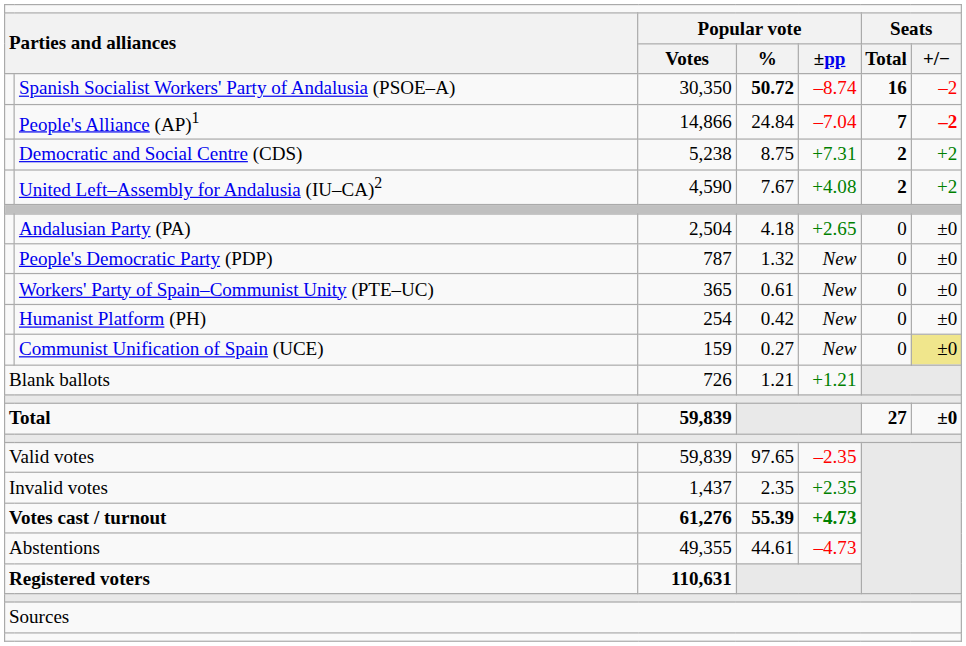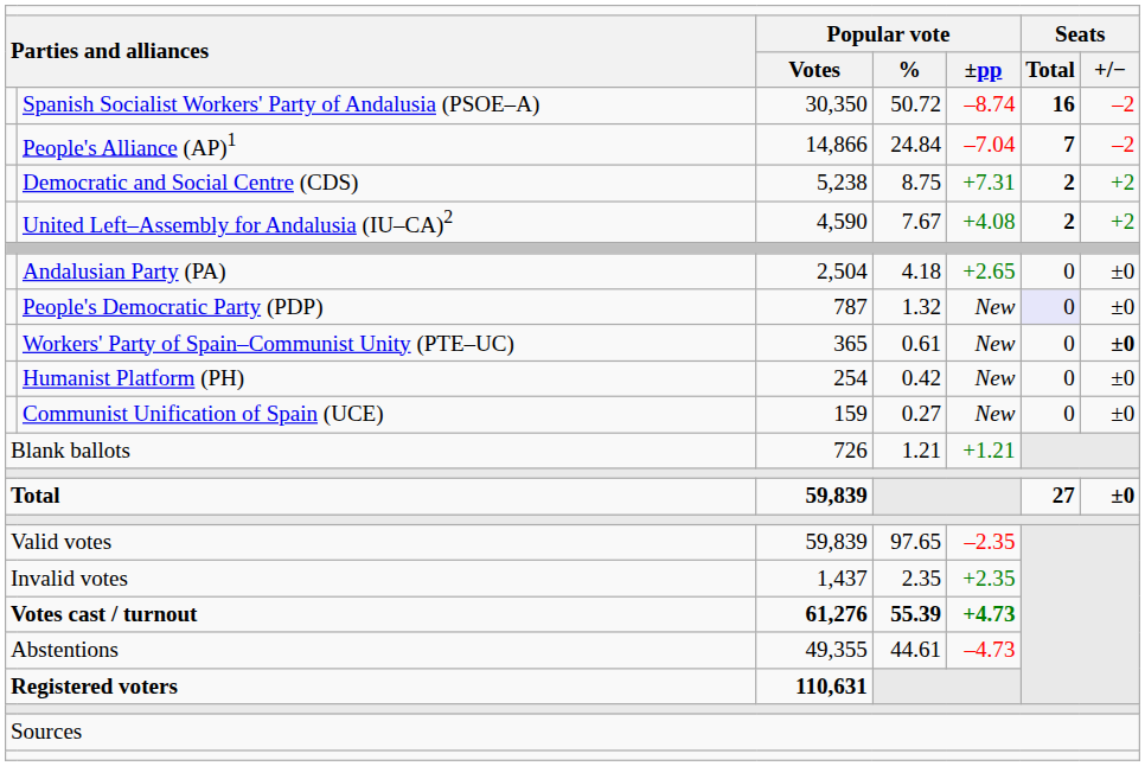 <table class="wikitable" style="text-align:right;">
 <tr>
 <td colspan="7"></td>
 </tr>
 <tr>
 <th style="text-align:left;" rowspan="2" colspan="2" width="525">Parties and alliances</th>
 <th colspan="3">Popular vote</th>
 <th colspan="2">Seats</th>
 </tr>
 <tr>
 <th width="75">Votes</th>
 <th width="45">%</th>
 <th width="45">±<a href='#'>pp</a></th>
 <th width="35">Total</th>
 <th width="35">+/−</th>
 </tr>
 <tr>
 <td width="1" style="color:inherit;background:"></td>
 <td align="left"><a href='#'>Spanish Socialist Workers' Party of Andalusia</a> (PSOE–A)</td>
 <td>30,350</td>
-<td><strong>50.72</strong></td>
+<td>50.72</td>
 <td style="color:red;">–8.74</td>
 <td><strong>16</strong></td>
 <td style="color:red;">–2</td>
 </tr>
 <tr>
 <td style="color:inherit;background:"></td>
 <td align="left"><a href='#'>People's Alliance</a> (AP)<sup>1</sup></td>
 <td>14,866</td>
 <td>24.84</td>
 <td style="color:red;">–7.04</td>
 <td><strong>7</strong></td>
-<td style="color:red;"><strong>–2</strong></td>
+<td style="color:red;">–2</td>
 </tr>
 <tr>
 <td style="color:inherit;background:"></td>
 <td align="left"><a href='#'>Democratic and Social Centre</a> (CDS)</td>
 <td>5,238</td>
 <td>8.75</td>
 <td style="color:green;">+7.31</td>
 <td><strong>2</strong></td>
 <td style="color:green;">+2</td>
 </tr>
 <tr>
 <td style="color:inherit;background:"></td>
 <td align="left"><a href='#'>United Left–Assembly for Andalusia</a> (IU–CA)<sup>2</sup></td>
 <td>4,590</td>
 <td>7.67</td>
 <td style="color:green;">+4.08</td>
 <td><strong>2</strong></td>
 <td style="color:green;">+2</td>
 </tr>
 <tr>
 <td colspan="7" bgcolor="#C0C0C0"></td>
 </tr>
 <tr>
 <td style="color:inherit;background:"></td>
 <td align="left"><a href='#'>Andalusian Party</a> (PA)</td>
 <td>2,504</td>
 <td>4.18</td>
 <td style="color:green;">+2.65</td>
 <td>0</td>
 <td>±0</td>
 </tr>
 <tr>
 <td style="color:inherit;background:"></td>
 <td align="left"><a href='#'>People's Democratic Party</a> (PDP)</td>
 <td>787</td>
 <td>1.32</td>
 <td><em>New</em></td>
-<td>0</td>
+<td style="background: lavender;">0</td>
 <td>±0</td>
 </tr>
 <tr>
 <td style="color:inherit;background:"></td>
 <td align="left"><a href='#'>Workers' Party of Spain–Communist Unity</a> (PTE–UC)</td>
 <td>365</td>
 <td>0.61</td>
 <td><em>New</em></td>
 <td>0</td>
-<td>±0</td>
+<td><strong>±0</strong></td>
 </tr>
 <tr>
 <td style="color:inherit;background:"></td>
 <td align="left"><a href='#'>Humanist Platform</a> (PH)</td>
 <td>254</td>
 <td>0.42</td>
 <td><em>New</em></td>
 <td>0</td>
 <td>±0</td>
 </tr>
 <tr>
 <td style="color:inherit;background:"></td>
 <td align="left"><a href='#'>Communist Unification of Spain</a> (UCE)</td>
 <td>159</td>
 <td>0.27</td>
 <td><em>New</em></td>
 <td>0</td>
-<td style="background: khaki;">±0</td>
+<td>±0</td>
 </tr>
 <tr>
 <td align="left" colspan="2">Blank ballots</td>
 <td>726</td>
 <td>1.21</td>
 <td style="color:green;">+1.21</td>
 <td bgcolor="#E9E9E9" colspan="2"></td>
 </tr>
 <tr>
 <td colspan="7" bgcolor="#E9E9E9"></td>
 </tr>
 <tr style="font-weight:bold;">
 <td align="left" colspan="2">Total</td>
 <td>59,839</td>
 <td bgcolor="#E9E9E9" colspan="2"></td>
 <td>27</td>
 <td>±0</td>
 </tr>
 <tr>
 <td colspan="7" bgcolor="#E9E9E9"></td>
 </tr>
 <tr>
 <td align="left" colspan="2">Valid votes</td>
 <td>59,839</td>
 <td>97.65</td>
 <td style="color:red;">–2.35</td>
 <td bgcolor="#E9E9E9" colspan="2" rowspan="5"></td>
 </tr>
 <tr>
 <td align="left" colspan="2">Invalid votes</td>
 <td>1,437</td>
 <td>2.35</td>
 <td style="color:green;">+2.35</td>
 </tr>
 <tr style="font-weight:bold;">
 <td align="left" colspan="2">Votes cast / turnout</td>
 <td>61,276</td>
 <td>55.39</td>
 <td style="color:green;">+4.73</td>
 </tr>
 <tr>
 <td align="left" colspan="2">Abstentions</td>
 <td>49,355</td>
 <td>44.61</td>
 <td style="color:red;">–4.73</td>
 </tr>
 <tr style="font-weight:bold;">
 <td align="left" colspan="2">Registered voters</td>
 <td>110,631</td>
 <td bgcolor="#E9E9E9" colspan="2"></td>
 </tr>
 <tr>
 <td colspan="7" bgcolor="#E9E9E9"></td>
 </tr>
 <tr>
 <td align="left" colspan="7">Sources</td>
 </tr>
 <tr>
 <td colspan="7" style="text-align:left; max-width:790px;"></td>
 </tr>
 </table>
